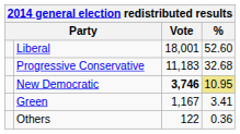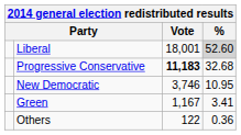 <table class="wikitable">
 <tr>
 <th colspan="4"><a href='#'>2014 general election</a> redistributed results</th>
 </tr>
 <tr>
 <th bgcolor="#DDDDFF" width="130px" colspan="2">Party</th>
 <th bgcolor="#DDDDFF" width="50px">Vote</th>
 <th bgcolor="#DDDDFF" width="30px">%</th>
 </tr>
 <tr>
 <td> </td>
 <td><a href='#'>Liberal</a></td>
 <td align=right>18,001</td>
-<td align=right>52.60</td>
+<td align=right style="background: lightgrey;">52.60</td>
 </tr>
 <tr>
 <td> </td>
 <td><a href='#'>Progressive Conservative</a></td>
-<td align=right>11,183</td>
+<td align=right><strong>11,183</strong></td>
 <td align=right>32.68</td>
 </tr>
 <tr>
 <td> </td>
 <td><a href='#'>New Democratic</a></td>
-<td align=right><strong>3,746</strong></td>
-<td align=right style="background: khaki;">10.95</td>
+<td align=right>3,746</td>
+<td align=right>10.95</td>
 </tr>
 <tr>
 <td> </td>
 <td><a href='#'>Green</a></td>
 <td align=right>1,167</td>
 <td align=right>3.41</td>
 </tr>
 <tr>
 <td> </td>
 <td>Others</td>
 <td align=right>122</td>
 <td align=right>0.36</td>
 </tr>
 </table>
